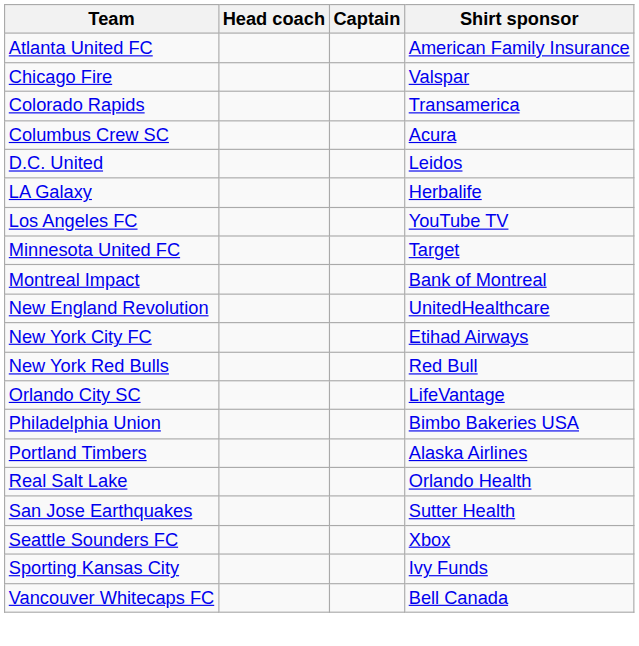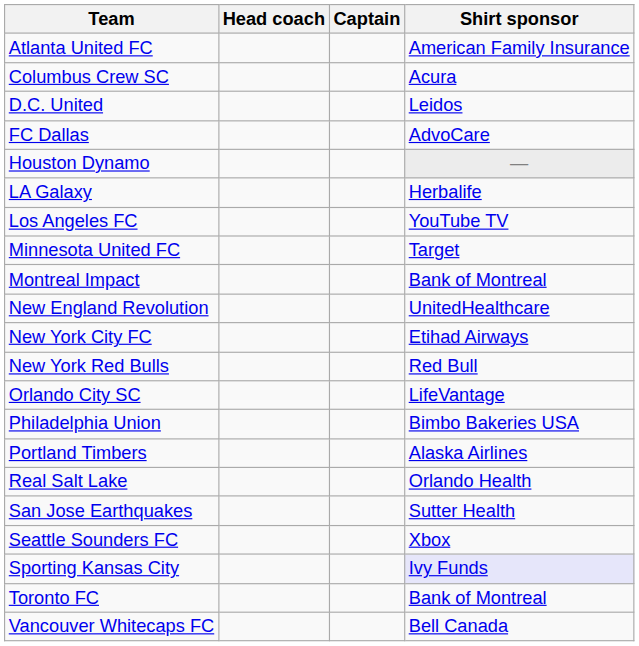 <table class="wikitable sortable" style="text-align: left;">
 <tr>
 <th>Team</th>
 <th>Head coach</th>
 <th>Captain</th>
 <th>Shirt sponsor</th>
 </tr>
 <tr>
 <td><a href='#'>Atlanta United FC</a></td>
 <td> </td>
 <td> </td>
 <td><a href='#'>American Family Insurance</a></td>
 </tr>
 <tr>
-<td><a href='#'>Chicago Fire</a></td>
-<td> </td>
-<td> </td>
-<td><a href='#'>Valspar</a></td>
-</tr>
-<tr>
-<td><a href='#'>Colorado Rapids</a></td>
-<td> </td>
-<td> </td>
-<td><a href='#'>Transamerica</a></td>
-</tr>
-<tr>
 <td><a href='#'>Columbus Crew SC</a></td>
 <td> </td>
 <td> </td>
 <td><a href='#'>Acura</a></td>
 </tr>
 <tr>
 <td><a href='#'>D.C. United</a></td>
 <td> </td>
 <td> </td>
 <td><a href='#'>Leidos</a></td>
+</tr>
+<tr>
+<td><a href='#'>FC Dallas</a></td>
+<td> </td>
+<td> </td>
+<td><a href='#'>AdvoCare</a></td>
+</tr>
+<tr>
+<td><a href='#'>Houston Dynamo</a></td>
+<td> </td>
+<td> </td>
+<td align="center" style="background:#ececec; color:gray">—</td>
 </tr>
 <tr>
 <td><a href='#'>LA Galaxy</a></td>
 <td> </td>
 <td> </td>
 <td><a href='#'>Herbalife</a></td>
 </tr>
 <tr>
 <td><a href='#'>Los Angeles FC</a></td>
 <td> </td>
 <td> </td>
 <td><a href='#'>YouTube TV</a></td>
 </tr>
 <tr>
 <td><a href='#'>Minnesota United FC</a></td>
 <td> </td>
 <td> </td>
 <td><a href='#'>Target</a></td>
 </tr>
 <tr>
 <td><a href='#'>Montreal Impact</a></td>
 <td> </td>
 <td> </td>
 <td><a href='#'>Bank of Montreal</a></td>
 </tr>
 <tr>
 <td><a href='#'>New England Revolution</a></td>
 <td> </td>
 <td> </td>
 <td><a href='#'>UnitedHealthcare</a></td>
 </tr>
 <tr>
 <td><a href='#'>New York City FC</a></td>
 <td> </td>
 <td> </td>
 <td><a href='#'>Etihad Airways</a></td>
 </tr>
 <tr>
 <td><a href='#'>New York Red Bulls</a></td>
 <td> </td>
 <td> </td>
 <td><a href='#'>Red Bull</a></td>
 </tr>
 <tr>
 <td><a href='#'>Orlando City SC</a></td>
 <td> </td>
 <td> </td>
 <td><a href='#'>LifeVantage</a></td>
 </tr>
 <tr>
 <td><a href='#'>Philadelphia Union</a></td>
 <td> </td>
 <td> </td>
 <td><a href='#'>Bimbo Bakeries USA</a></td>
 </tr>
 <tr>
 <td><a href='#'>Portland Timbers</a></td>
 <td> </td>
 <td> </td>
 <td><a href='#'>Alaska Airlines</a></td>
 </tr>
 <tr>
 <td><a href='#'>Real Salt Lake</a></td>
 <td> </td>
 <td> </td>
 <td><a href='#'>Orlando Health</a></td>
 </tr>
 <tr>
 <td><a href='#'>San Jose Earthquakes</a></td>
 <td> </td>
 <td> </td>
 <td><a href='#'>Sutter Health</a></td>
 </tr>
 <tr>
 <td><a href='#'>Seattle Sounders FC</a></td>
 <td> </td>
 <td> </td>
 <td><a href='#'>Xbox</a></td>
 </tr>
 <tr>
 <td><a href='#'>Sporting Kansas City</a></td>
 <td> </td>
 <td> </td>
-<td><a href='#'>Ivy Funds</a></td>
+<td style="background: lavender;"><a href='#'>Ivy Funds</a></td>
+</tr>
+<tr>
+<td><a href='#'>Toronto FC</a></td>
+<td> </td>
+<td> </td>
+<td><a href='#'>Bank of Montreal</a></td>
 </tr>
 <tr>
 <td><a href='#'>Vancouver Whitecaps FC</a></td>
 <td> </td>
 <td> </td>
 <td><a href='#'>Bell Canada</a></td>
 </tr>
 </table>
